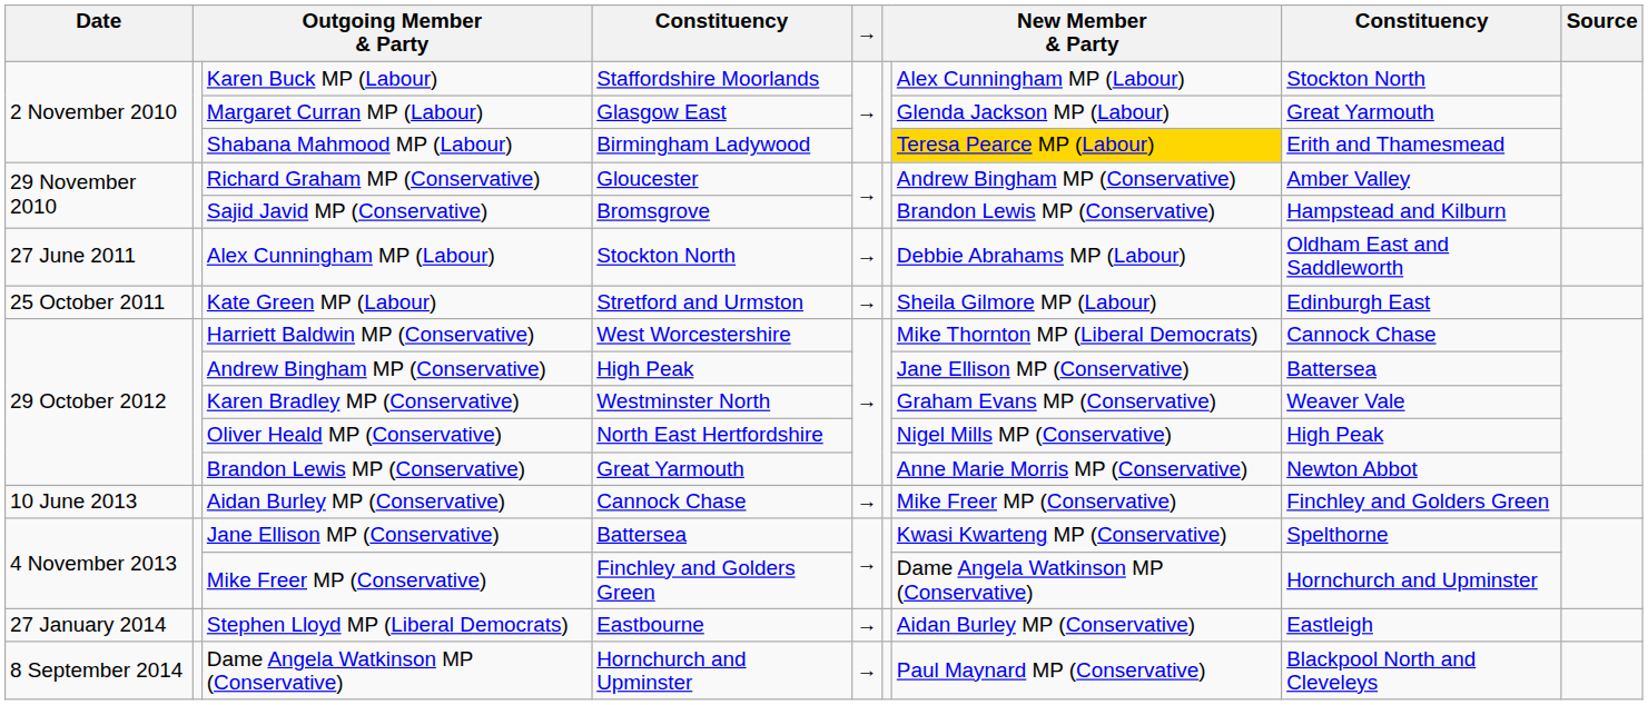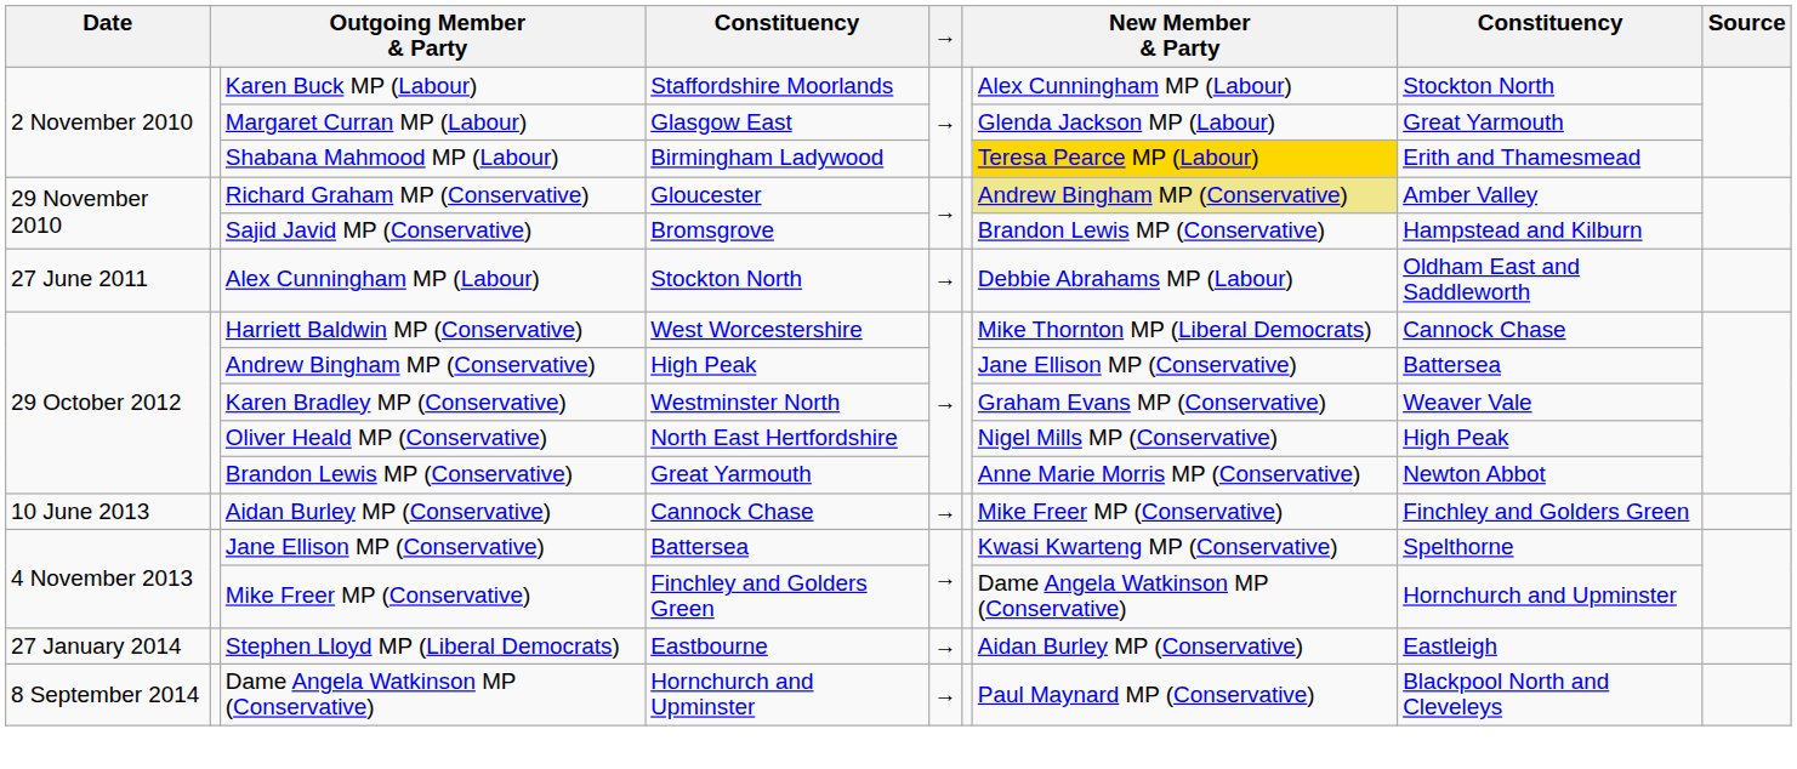 <table class="wikitable">
 <tr>
 <th valign="top">Date</th>
 <th colspan="2" valign="top">Outgoing Member<br>& Party</th>
 <th valign="top">Constituency</th>
 <th>→</th>
 <th colspan="2" valign="top">New Member<br>& Party</th>
 <th valign="top">Constituency</th>
 <th valign="top">Source</th>
 </tr>
 <tr>
 <td rowspan=3 nowrap>2 November 2010</td>
 <td rowspan=3 style="color:inherit;background:"></td>
 <td><a href='#'>Karen Buck</a> MP (<a href='#'>Labour</a>)</td>
 <td><a href='#'>Staffordshire Moorlands</a></td>
 <td rowspan=3>→</td>
 <td rowspan=3 style="color:inherit;background:"></td>
 <td><a href='#'>Alex Cunningham</a> MP (<a href='#'>Labour</a>)</td>
 <td><a href='#'>Stockton North</a></td>
 <td rowspan=3></td>
 </tr>
 <tr>
 <td><a href='#'>Margaret Curran</a> MP (<a href='#'>Labour</a>)</td>
 <td><a href='#'>Glasgow East</a></td>
 <td><a href='#'>Glenda Jackson</a> MP (<a href='#'>Labour</a>)</td>
 <td><a href='#'>Great Yarmouth</a></td>
 </tr>
 <tr>
 <td><a href='#'>Shabana Mahmood</a> MP (<a href='#'>Labour</a>)</td>
 <td><a href='#'>Birmingham Ladywood</a></td>
 <td style="background: gold;"><a href='#'>Teresa Pearce</a> MP (<a href='#'>Labour</a>)</td>
 <td><a href='#'>Erith and Thamesmead</a></td>
 </tr>
 <tr>
 <td rowspan=2>29 November 2010</td>
 <td rowspan=2 style="color:inherit;background:"></td>
 <td><a href='#'>Richard Graham</a> MP (<a href='#'>Conservative</a>)</td>
 <td><a href='#'>Gloucester</a></td>
 <td rowspan=2>→</td>
 <td rowspan=2 style="color:inherit;background:"></td>
-<td><a href='#'>Andrew Bingham</a> MP (<a href='#'>Conservative</a>)</td>
+<td style="background: khaki;"><a href='#'>Andrew Bingham</a> MP (<a href='#'>Conservative</a>)</td>
 <td><a href='#'>Amber Valley</a></td>
 <td rowspan=2></td>
 </tr>
 <tr>
 <td><a href='#'>Sajid Javid</a> MP (<a href='#'>Conservative</a>)</td>
 <td><a href='#'>Bromsgrove</a></td>
 <td><a href='#'>Brandon Lewis</a> MP (<a href='#'>Conservative</a>)</td>
 <td><a href='#'>Hampstead and Kilburn</a></td>
 </tr>
 <tr>
 <td>27 June 2011</td>
 <td style="color:inherit;background:"></td>
 <td><a href='#'>Alex Cunningham</a> MP (<a href='#'>Labour</a>)</td>
 <td><a href='#'>Stockton North</a></td>
 <td>→</td>
 <td style="color:inherit;background:"></td>
 <td><a href='#'>Debbie Abrahams</a> MP (<a href='#'>Labour</a>)</td>
 <td><a href='#'>Oldham East and Saddleworth</a></td>
-<td></td>
-</tr>
-<tr>
-<td>25 October 2011</td>
-<td style="color:inherit;background:"></td>
-<td><a href='#'>Kate Green</a> MP (<a href='#'>Labour</a>)</td>
-<td><a href='#'>Stretford and Urmston</a></td>
-<td>→</td>
-<td style="color:inherit;background:"></td>
-<td><a href='#'>Sheila Gilmore</a> MP (<a href='#'>Labour</a>)</td>
-<td><a href='#'>Edinburgh East</a></td>
 <td></td>
 </tr>
 <tr>
 <td rowspan=5>29 October 2012</td>
 <td rowspan=5 style="color:inherit;background:"></td>
 <td><a href='#'>Harriett Baldwin</a> MP (<a href='#'>Conservative</a>)</td>
 <td><a href='#'>West Worcestershire</a></td>
 <td rowspan=5>→</td>
 <td rowspan=5 style="color:inherit;background:"></td>
 <td><a href='#'>Mike Thornton</a> MP (<a href='#'>Liberal Democrats</a>)</td>
 <td><a href='#'>Cannock Chase</a></td>
 <td rowspan=5></td>
 </tr>
 <tr>
 <td><a href='#'>Andrew Bingham</a> MP (<a href='#'>Conservative</a>)</td>
 <td><a href='#'>High Peak</a></td>
 <td><a href='#'>Jane Ellison</a> MP (<a href='#'>Conservative</a>)</td>
 <td><a href='#'>Battersea</a></td>
 </tr>
 <tr>
 <td><a href='#'>Karen Bradley</a> MP (<a href='#'>Conservative</a>)</td>
 <td><a href='#'>Westminster North</a></td>
 <td><a href='#'>Graham Evans</a> MP (<a href='#'>Conservative</a>)</td>
 <td><a href='#'>Weaver Vale</a></td>
 </tr>
 <tr>
 <td><a href='#'>Oliver Heald</a> MP (<a href='#'>Conservative</a>)</td>
 <td><a href='#'>North East Hertfordshire</a></td>
 <td><a href='#'>Nigel Mills</a> MP (<a href='#'>Conservative</a>)</td>
 <td><a href='#'>High Peak</a></td>
 </tr>
 <tr>
 <td><a href='#'>Brandon Lewis</a> MP (<a href='#'>Conservative</a>)</td>
 <td><a href='#'>Great Yarmouth</a></td>
 <td><a href='#'>Anne Marie Morris</a> MP (<a href='#'>Conservative</a>)</td>
 <td><a href='#'>Newton Abbot</a></td>
 </tr>
 <tr>
 <td>10 June 2013</td>
 <td style="color:inherit;background:"></td>
 <td><a href='#'>Aidan Burley</a> MP (<a href='#'>Conservative</a>)</td>
 <td><a href='#'>Cannock Chase</a></td>
 <td>→</td>
 <td style="color:inherit;background:"></td>
 <td><a href='#'>Mike Freer</a> MP (<a href='#'>Conservative</a>)</td>
 <td><a href='#'>Finchley and Golders Green</a></td>
 <td></td>
 </tr>
 <tr>
 <td rowspan=2>4 November 2013</td>
 <td rowspan=2 style="color:inherit;background:"></td>
 <td><a href='#'>Jane Ellison</a> MP (<a href='#'>Conservative</a>)</td>
 <td><a href='#'>Battersea</a></td>
 <td rowspan=2>→</td>
 <td rowspan=2 style="color:inherit;background:"></td>
 <td><a href='#'>Kwasi Kwarteng</a> MP (<a href='#'>Conservative</a>)</td>
 <td><a href='#'>Spelthorne</a></td>
 <td rowspan=2></td>
 </tr>
 <tr>
 <td><a href='#'>Mike Freer</a> MP (<a href='#'>Conservative</a>)</td>
 <td><a href='#'>Finchley and Golders Green</a></td>
 <td>Dame <a href='#'>Angela Watkinson</a> MP (<a href='#'>Conservative</a>)</td>
 <td><a href='#'>Hornchurch and Upminster</a></td>
 </tr>
 <tr>
 <td>27 January 2014</td>
 <td style="color:inherit;background:"></td>
 <td><a href='#'>Stephen Lloyd</a> MP (<a href='#'>Liberal Democrats</a>)</td>
 <td><a href='#'>Eastbourne</a></td>
 <td>→</td>
 <td style="color:inherit;background:"></td>
 <td><a href='#'>Aidan Burley</a> MP (<a href='#'>Conservative</a>)</td>
 <td><a href='#'>Eastleigh</a></td>
 <td></td>
 </tr>
 <tr>
 <td>8 September 2014</td>
 <td style="color:inherit;background:"></td>
 <td>Dame <a href='#'>Angela Watkinson</a> MP (<a href='#'>Conservative</a>)</td>
 <td><a href='#'>Hornchurch and Upminster</a></td>
 <td>→</td>
 <td style="color:inherit;background:"></td>
 <td><a href='#'>Paul Maynard</a> MP (<a href='#'>Conservative</a>)</td>
 <td><a href='#'>Blackpool North and Cleveleys</a></td>
 <td></td>
 </tr>
 </table>
